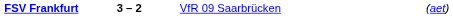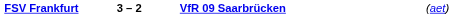 <table width=100% cellspacing=1>
 <tr>
 <th width=25%></th>
 <th width=10%></th>
 <th width=25%></th>
 <th></th>
 </tr>
 <tr style=font-size:90%>
 <td align=right><strong><a href='#'>FSV Frankfurt</a></strong></td>
 <td align=center><strong>3 – 2</strong></td>
-<td><a href='#'>VfR 09 Saarbrücken</a></td>
+<td><strong><a href='#'>VfR 09 Saarbrücken</a></strong></td>
 <td><em>(<a href='#'>aet</a>)</em></td>
 </tr>
 </table>
